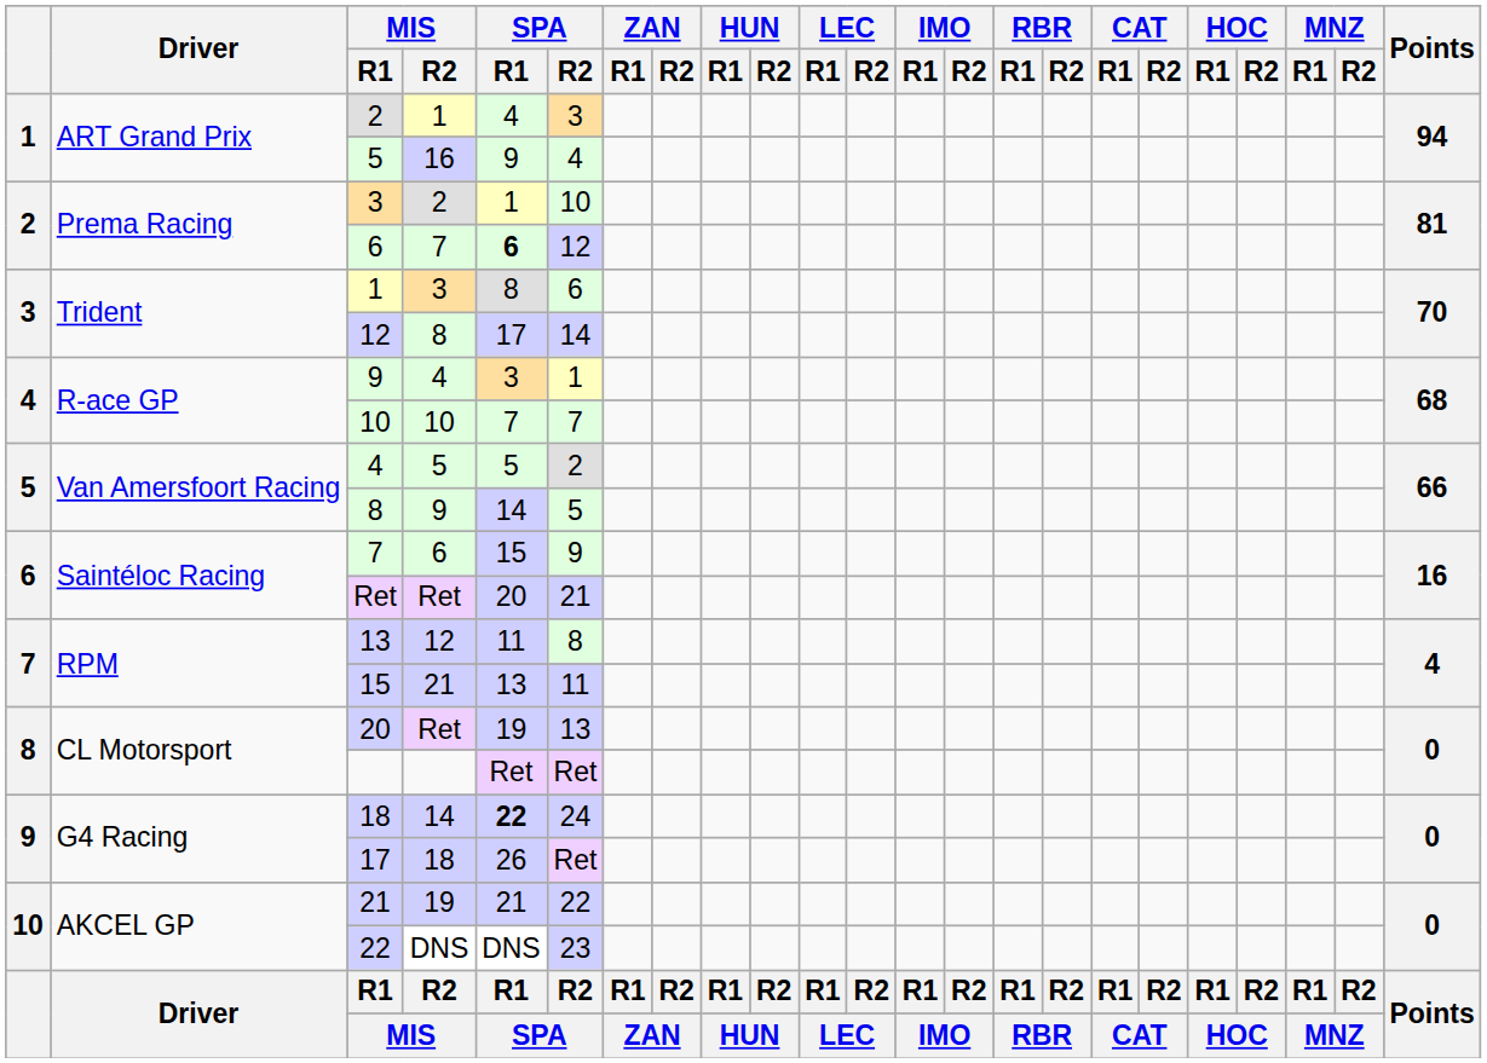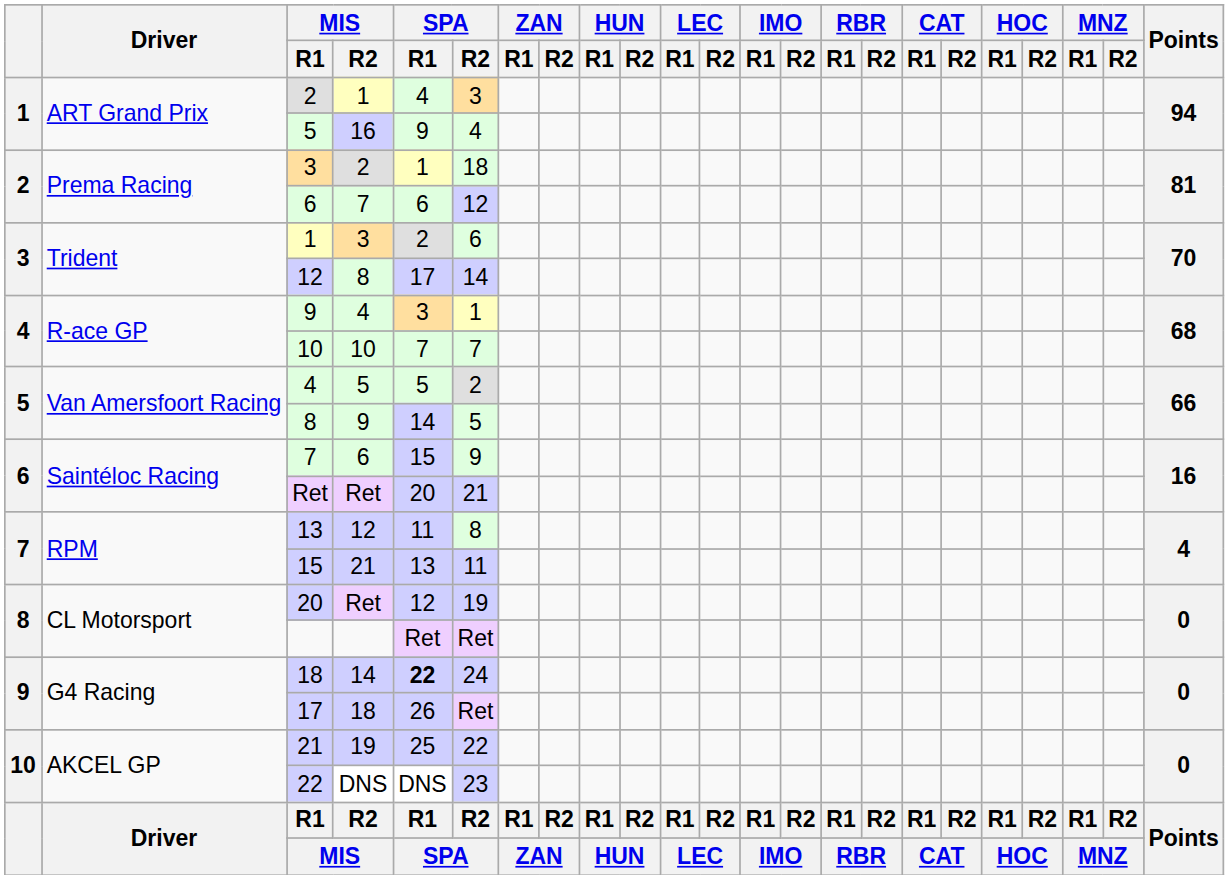 <table class="wikitable" style="font-size:85%; text-align:center">
 <tr>
 <th rowspan="2" valign="middle"></th>
 <th rowspan="2" valign="middle">Driver</th>
 <th colspan="2"><a href='#'>MIS</a><br></th>
 <th colspan="2"><a href='#'>SPA</a><br></th>
 <th colspan="2"><a href='#'>ZAN</a><br></th>
 <th colspan="2"><a href='#'>HUN</a><br></th>
 <th colspan="2"><a href='#'>LEC</a><br></th>
 <th colspan="2"><a href='#'>IMO</a><br></th>
 <th colspan="2"><a href='#'>RBR</a><br></th>
 <th colspan="2"><a href='#'>CAT</a><br></th>
 <th colspan="2"><a href='#'>HOC</a><br></th>
 <th colspan="2"><a href='#'>MNZ</a><br></th>
 <th rowspan="2" valign="middle">Points</th>
 </tr>
 <tr>
 <th>R1</th>
 <th>R2</th>
 <th>R1</th>
 <th>R2</th>
 <th>R1</th>
 <th>R2</th>
 <th>R1</th>
 <th>R2</th>
 <th>R1</th>
 <th>R2</th>
 <th>R1</th>
 <th>R2</th>
 <th>R1</th>
 <th>R2</th>
 <th>R1</th>
 <th>R2</th>
 <th>R1</th>
 <th>R2</th>
 <th>R1</th>
 <th>R2</th>
 </tr>
 <tr>
 <th rowspan="2">1</th>
 <td rowspan="2" align="left"> <a href='#'>ART Grand Prix</a></td>
 <td style="background:#dfdfdf;">2</td>
 <td style="background:#ffffbf;">1</td>
 <td style="background:#dfffdf;">4</td>
 <td style="background:#ffdf9f;">3</td>
 <td></td>
 <td></td>
 <td></td>
 <td></td>
 <td></td>
 <td></td>
 <td></td>
 <td></td>
 <td></td>
 <td></td>
 <td></td>
 <td></td>
 <td></td>
 <td></td>
 <td></td>
 <td></td>
 <th rowspan="2">94</th>
 </tr>
 <tr>
 <td style="background:#dfffdf;">5</td>
 <td style="background:#cfcfff;">16</td>
 <td style="background:#dfffdf;">9</td>
 <td style="background:#dfffdf;">4</td>
 <td></td>
 <td></td>
 <td></td>
 <td></td>
 <td></td>
 <td></td>
 <td></td>
 <td></td>
 <td></td>
 <td></td>
 <td></td>
 <td></td>
 <td></td>
 <td></td>
 <td></td>
 <td></td>
 </tr>
 <tr>
 <th rowspan="2">2</th>
 <td rowspan="2" align="left"> <a href='#'>Prema Racing</a></td>
 <td style="background:#ffdf9f;">3</td>
 <td style="background:#dfdfdf;">2</td>
 <td style="background:#ffffbf;">1</td>
-<td style="background:#dfffdf;">10</td>
+<td style="background:#dfffdf;">18</td>
 <td></td>
 <td></td>
 <td></td>
 <td></td>
 <td></td>
 <td></td>
 <td></td>
 <td></td>
 <td></td>
 <td></td>
 <td></td>
 <td></td>
 <td></td>
 <td></td>
 <td></td>
 <td></td>
 <th rowspan="2">81</th>
 </tr>
 <tr>
 <td style="background:#dfffdf;">6</td>
 <td style="background:#dfffdf;">7</td>
-<td style="background:#dfffdf;"><strong>6</strong></td>
+<td style="background:#dfffdf;">6</td>
 <td style="background:#cfcfff;">12</td>
 <td></td>
 <td></td>
 <td></td>
 <td></td>
 <td></td>
 <td></td>
 <td></td>
 <td></td>
 <td></td>
 <td></td>
 <td></td>
 <td></td>
 <td></td>
 <td></td>
 <td></td>
 <td></td>
 </tr>
 <tr>
 <th rowspan="2">3</th>
 <td rowspan="2" align="left"> <a href='#'>Trident</a></td>
 <td style="background:#ffffbf;">1</td>
 <td style="background:#ffdf9f;">3</td>
-<td style="background:#dfdfdf;">8</td>
+<td style="background:#dfdfdf;">2</td>
 <td style="background:#dfffdf;">6</td>
 <td></td>
 <td></td>
 <td></td>
 <td></td>
 <td></td>
 <td></td>
 <td></td>
 <td></td>
 <td></td>
 <td></td>
 <td></td>
 <td></td>
 <td></td>
 <td></td>
 <td></td>
 <td></td>
 <th rowspan="2">70</th>
 </tr>
 <tr>
 <td style="background:#cfcfff;">12</td>
 <td style="background:#dfffdf;">8</td>
 <td style="background:#cfcfff;">17</td>
 <td style="background:#cfcfff;">14</td>
 <td></td>
 <td></td>
 <td></td>
 <td></td>
 <td></td>
 <td></td>
 <td></td>
 <td></td>
 <td></td>
 <td></td>
 <td></td>
 <td></td>
 <td></td>
 <td></td>
 <td></td>
 <td></td>
 </tr>
 <tr>
 <th rowspan="2">4</th>
 <td rowspan="2" align="left"> <a href='#'>R-ace GP</a></td>
 <td style="background:#dfffdf;">9</td>
 <td style="background:#dfffdf;">4</td>
 <td style="background:#ffdf9f;">3</td>
 <td style="background:#ffffbf;">1</td>
 <td></td>
 <td></td>
 <td></td>
 <td></td>
 <td></td>
 <td></td>
 <td></td>
 <td></td>
 <td></td>
 <td></td>
 <td></td>
 <td></td>
 <td></td>
 <td></td>
 <td></td>
 <td></td>
 <th rowspan="2">68</th>
 </tr>
 <tr>
 <td style="background:#dfffdf;">10</td>
 <td style="background:#dfffdf;">10</td>
 <td style="background:#dfffdf;">7</td>
 <td style="background:#dfffdf;">7</td>
 <td></td>
 <td></td>
 <td></td>
 <td></td>
 <td></td>
 <td></td>
 <td></td>
 <td></td>
 <td></td>
 <td></td>
 <td></td>
 <td></td>
 <td></td>
 <td></td>
 <td></td>
 <td></td>
 </tr>
 <tr>
 <th rowspan="2">5</th>
 <td rowspan="2" align="left"> <a href='#'>Van Amersfoort Racing</a></td>
 <td style="background:#dfffdf;">4</td>
 <td style="background:#dfffdf;">5</td>
 <td style="background:#dfffdf;">5</td>
 <td style="background:#dfdfdf;">2</td>
 <td></td>
 <td></td>
 <td></td>
 <td></td>
 <td></td>
 <td></td>
 <td></td>
 <td></td>
 <td></td>
 <td></td>
 <td></td>
 <td></td>
 <td></td>
 <td></td>
 <td></td>
 <td></td>
 <th rowspan="2">66</th>
 </tr>
 <tr>
 <td style="background:#dfffdf;">8</td>
 <td style="background:#dfffdf;">9</td>
 <td style="background:#cfcfff;">14</td>
 <td style="background:#dfffdf;">5</td>
 <td></td>
 <td></td>
 <td></td>
 <td></td>
 <td></td>
 <td></td>
 <td></td>
 <td></td>
 <td></td>
 <td></td>
 <td></td>
 <td></td>
 <td></td>
 <td></td>
 <td></td>
 <td></td>
 </tr>
 <tr>
 <th rowspan="2">6</th>
 <td rowspan="2" align="left"> <a href='#'>Saintéloc Racing</a></td>
 <td style="background:#dfffdf;">7</td>
 <td style="background:#dfffdf;">6</td>
 <td style="background:#cfcfff;">15</td>
 <td style="background:#dfffdf;">9</td>
 <td></td>
 <td></td>
 <td></td>
 <td></td>
 <td></td>
 <td></td>
 <td></td>
 <td></td>
 <td></td>
 <td></td>
 <td></td>
 <td></td>
 <td></td>
 <td></td>
 <td></td>
 <td></td>
 <th rowspan="2">16</th>
 </tr>
 <tr>
 <td style="background:#efcfff;">Ret</td>
 <td style="background:#efcfff;">Ret</td>
 <td style="background:#cfcfff;">20</td>
 <td style="background:#cfcfff;">21</td>
 <td></td>
 <td></td>
 <td></td>
 <td></td>
 <td></td>
 <td></td>
 <td></td>
 <td></td>
 <td></td>
 <td></td>
 <td></td>
 <td></td>
 <td></td>
 <td></td>
 <td></td>
 <td></td>
 </tr>
 <tr>
 <th rowspan="2">7</th>
 <td rowspan="2" nowrap="" align="left"> <a href='#'>RPM</a></td>
 <td style="background:#cfcfff;">13</td>
 <td style="background:#cfcfff;">12</td>
 <td style="background:#cfcfff;">11</td>
 <td style="background:#dfffdf;">8</td>
 <td></td>
 <td></td>
 <td></td>
 <td></td>
 <td></td>
 <td></td>
 <td></td>
 <td></td>
 <td></td>
 <td></td>
 <td></td>
 <td></td>
 <td></td>
 <td></td>
 <td></td>
 <td></td>
 <th rowspan="2">4</th>
 </tr>
 <tr>
 <td style="background:#cfcfff;">15</td>
 <td style="background:#cfcfff;">21</td>
 <td style="background:#cfcfff;">13</td>
 <td style="background:#cfcfff;">11</td>
 <td></td>
 <td></td>
 <td></td>
 <td></td>
 <td></td>
 <td></td>
 <td></td>
 <td></td>
 <td></td>
 <td></td>
 <td></td>
 <td></td>
 <td></td>
 <td></td>
 <td></td>
 <td></td>
 </tr>
 <tr>
 <th rowspan="2">8</th>
 <td rowspan="2" align="left"> CL Motorsport</td>
 <td style="background:#cfcfff;">20</td>
 <td style="background:#efcfff;">Ret</td>
+<td style="background:#cfcfff;">12</td>
 <td style="background:#cfcfff;">19</td>
-<td style="background:#cfcfff;">13</td>
 <td></td>
 <td></td>
 <td></td>
 <td></td>
 <td></td>
 <td></td>
 <td></td>
 <td></td>
 <td></td>
 <td></td>
 <td></td>
 <td></td>
 <td></td>
 <td></td>
 <td></td>
 <td></td>
 <th rowspan="2">0</th>
 </tr>
 <tr>
 <td></td>
 <td></td>
 <td style="background:#efcfff;">Ret</td>
 <td style="background:#efcfff;">Ret</td>
 <td></td>
 <td></td>
 <td></td>
 <td></td>
 <td></td>
 <td></td>
 <td></td>
 <td></td>
 <td></td>
 <td></td>
 <td></td>
 <td></td>
 <td></td>
 <td></td>
 <td></td>
 <td></td>
 </tr>
 <tr>
 <th rowspan="2">9</th>
 <td rowspan="2" align="left"> G4 Racing</td>
 <td style="background:#cfcfff;">18</td>
 <td style="background:#cfcfff;">14</td>
 <td style="background:#cfcfff;"><strong>22</strong></td>
 <td style="background:#cfcfff;">24</td>
 <td></td>
 <td></td>
 <td></td>
 <td></td>
 <td></td>
 <td></td>
 <td></td>
 <td></td>
 <td></td>
 <td></td>
 <td></td>
 <td></td>
 <td></td>
 <td></td>
 <td></td>
 <td></td>
 <th rowspan="2">0</th>
 </tr>
 <tr>
 <td style="background:#cfcfff;">17</td>
 <td style="background:#cfcfff;">18</td>
 <td style="background:#cfcfff;">26</td>
 <td style="background:#efcfff;">Ret</td>
 <td></td>
 <td></td>
 <td></td>
 <td></td>
 <td></td>
 <td></td>
 <td></td>
 <td></td>
 <td></td>
 <td></td>
 <td></td>
 <td></td>
 <td></td>
 <td></td>
 <td></td>
 <td></td>
 </tr>
 <tr>
 <th rowspan="2">10</th>
 <td rowspan="2" align="left"> AKCEL GP</td>
 <td style="background:#cfcfff;">21</td>
 <td style="background:#cfcfff;">19</td>
-<td style="background:#cfcfff;">21</td>
+<td style="background:#cfcfff;">25</td>
 <td style="background:#cfcfff;">22</td>
 <td></td>
 <td></td>
 <td></td>
 <td></td>
 <td></td>
 <td></td>
 <td></td>
 <td></td>
 <td></td>
 <td></td>
 <td></td>
 <td></td>
 <td></td>
 <td></td>
 <td></td>
 <td></td>
 <th rowspan="2">0</th>
 </tr>
 <tr>
 <td style="background:#cfcfff;">22</td>
 <td style="background:#ffffff;">DNS</td>
 <td style="background:#ffffff;">DNS</td>
 <td style="background:#cfcfff;">23</td>
 <td></td>
 <td></td>
 <td></td>
 <td></td>
 <td></td>
 <td></td>
 <td></td>
 <td></td>
 <td></td>
 <td></td>
 <td></td>
 <td></td>
 <td></td>
 <td></td>
 <td></td>
 <td></td>
 </tr>
 <tr>
 <th rowspan="2"></th>
 <th rowspan="2">Driver</th>
 <th>R1</th>
 <th>R2</th>
 <th>R1</th>
 <th>R2</th>
 <th>R1</th>
 <th>R2</th>
 <th>R1</th>
 <th>R2</th>
 <th>R1</th>
 <th>R2</th>
 <th>R1</th>
 <th>R2</th>
 <th>R1</th>
 <th>R2</th>
 <th>R1</th>
 <th>R2</th>
 <th>R1</th>
 <th>R2</th>
 <th>R1</th>
 <th>R2</th>
 <th rowspan="2">Points</th>
 </tr>
 <tr>
 <th colspan="2"><a href='#'>MIS</a><br></th>
 <th colspan="2"><a href='#'>SPA</a><br></th>
 <th colspan="2"><a href='#'>ZAN</a><br></th>
 <th colspan="2"><a href='#'>HUN</a><br></th>
 <th colspan="2"><a href='#'>LEC</a><br></th>
 <th colspan="2"><a href='#'>IMO</a><br></th>
 <th colspan="2"><a href='#'>RBR</a><br></th>
 <th colspan="2"><a href='#'>CAT</a><br></th>
 <th colspan="2"><a href='#'>HOC</a><br></th>
 <th colspan="2"><a href='#'>MNZ</a><br></th>
 </tr>
 </table>
